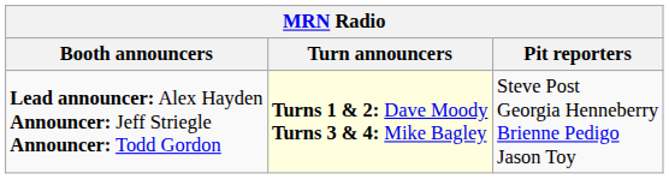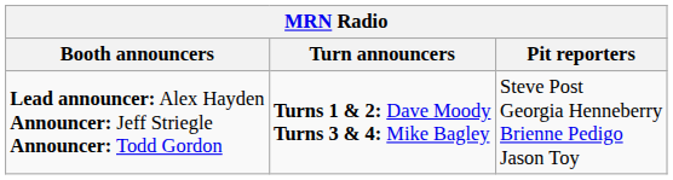 <table class="wikitable" style="font-size: 95%;">
 <tr>
 <th colspan="3"><a href='#'>MRN</a> Radio</th>
 </tr>
 <tr>
 <th>Booth announcers</th>
 <th>Turn announcers</th>
 <th>Pit reporters</th>
 </tr>
 <tr>
 <td><strong>Lead announcer:</strong> Alex Hayden<br><strong>Announcer:</strong> Jeff Striegle<br><strong>Announcer:</strong> <a href='#'>Todd Gordon</a></td>
-<td style="background: lightyellow;"><strong>Turns 1 & 2:</strong> <a href='#'>Dave Moody</a><br><strong>Turns 3 & 4:</strong> <a href='#'>Mike Bagley</a></td>
+<td><strong>Turns 1 & 2:</strong> <a href='#'>Dave Moody</a><br><strong>Turns 3 & 4:</strong> <a href='#'>Mike Bagley</a></td>
 <td>Steve Post<br>Georgia Henneberry<br><a href='#'>Brienne Pedigo</a><br>Jason Toy</td>
 </tr>
 </table>
